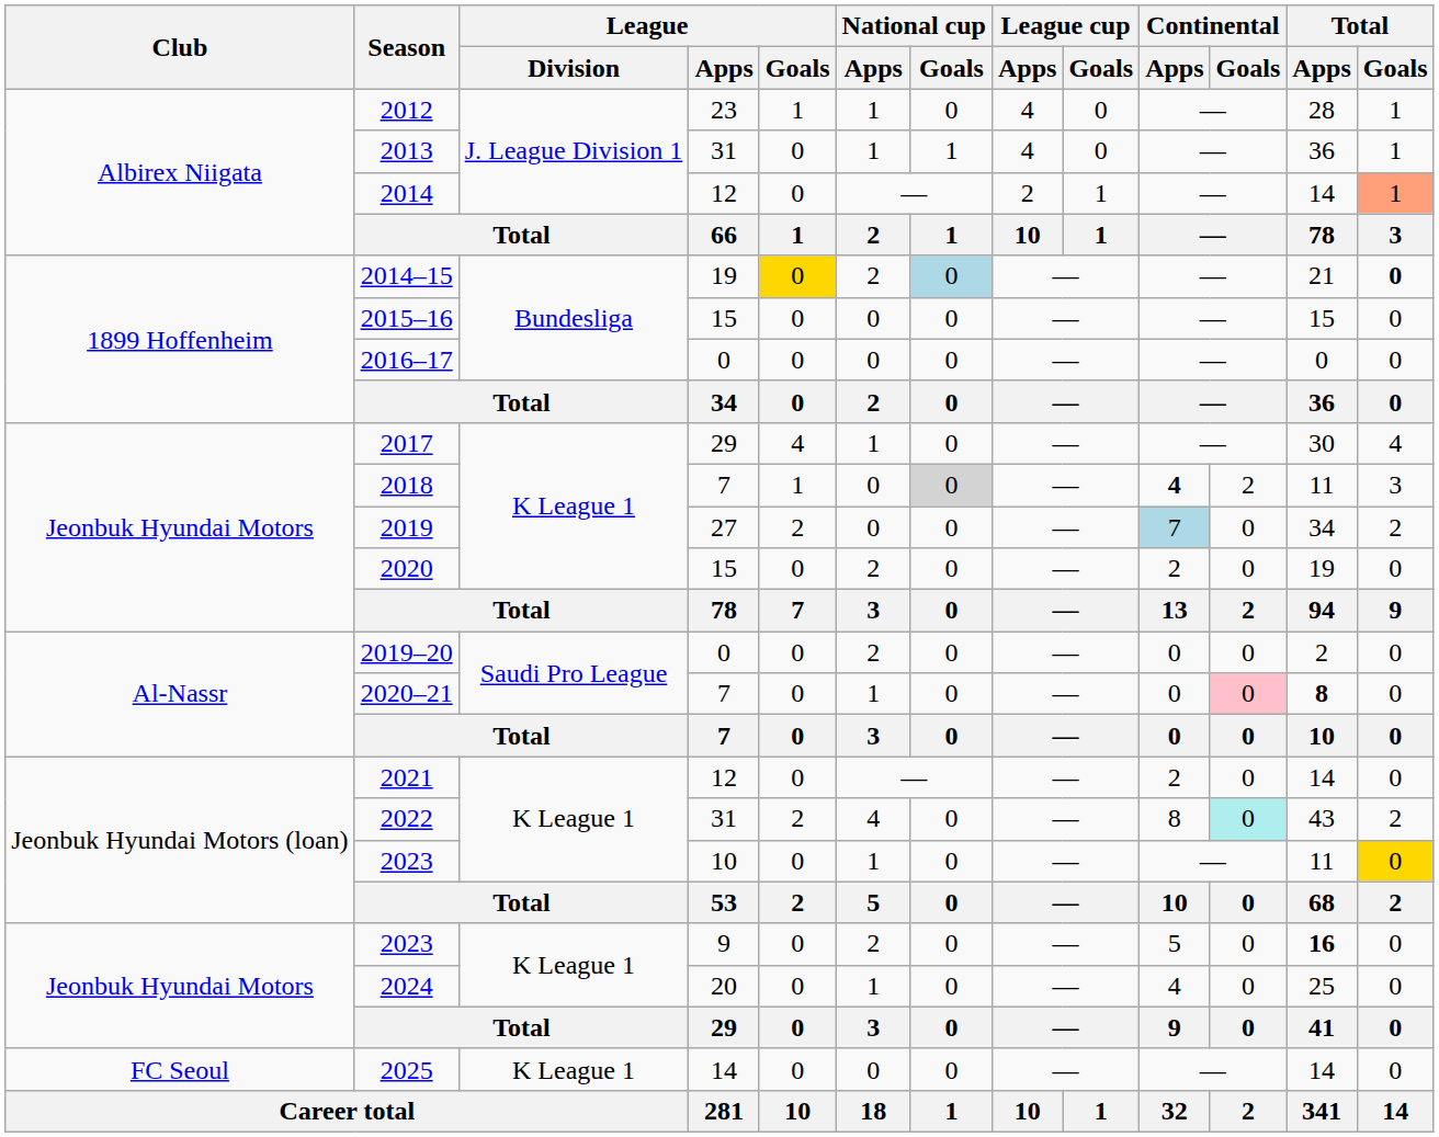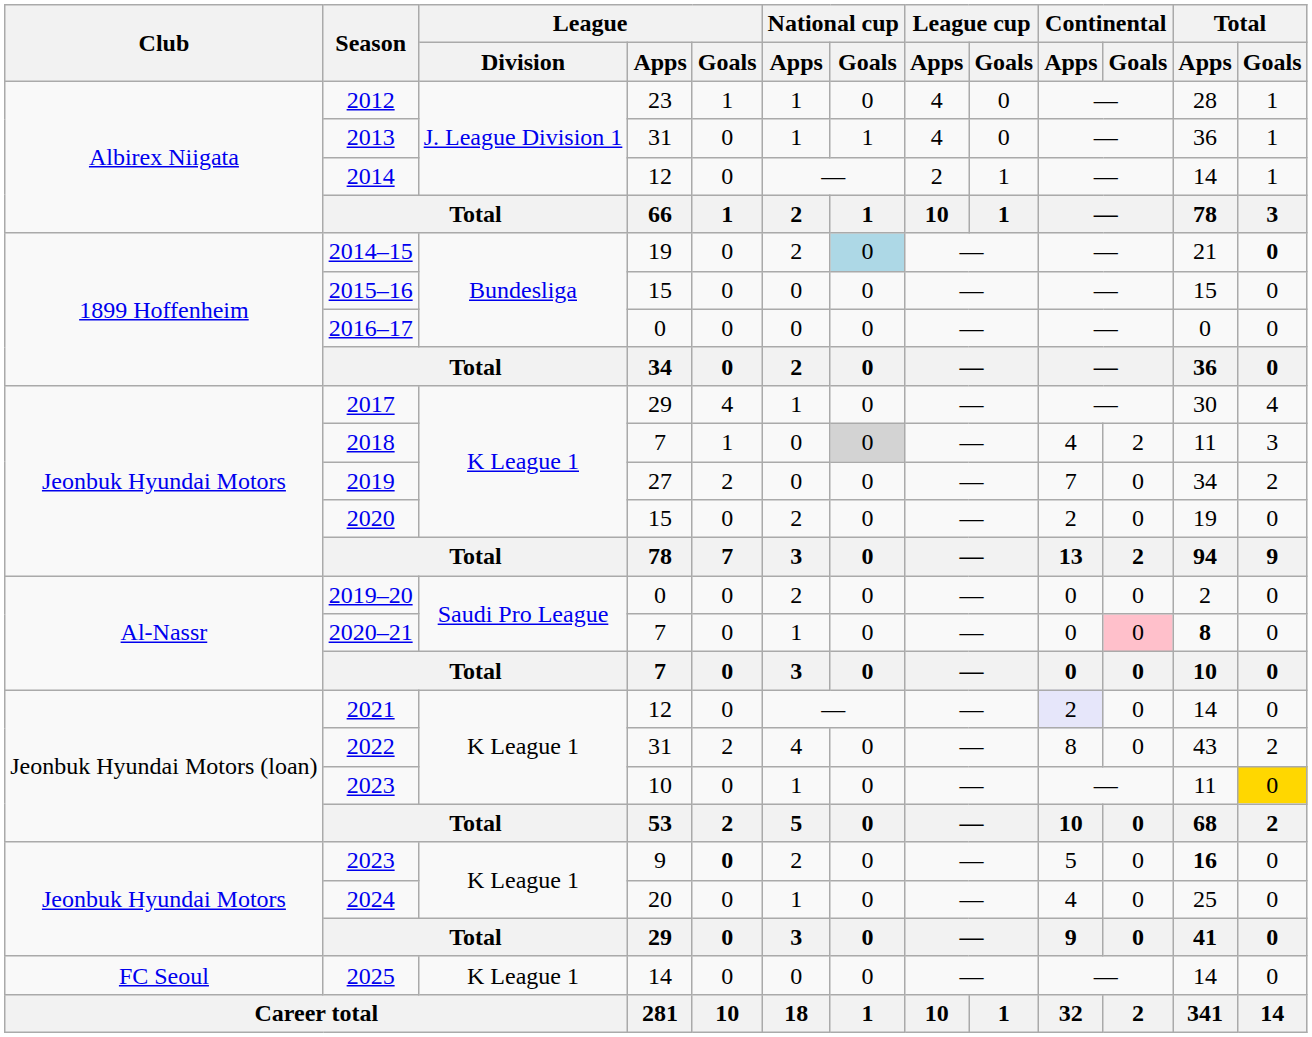 <table class="wikitable" style="text-align:center;">
 <tr>
 <th rowspan="2">Club</th>
 <th rowspan="2">Season</th>
 <th colspan="3">League</th>
 <th colspan="2">National cup</th>
 <th colspan="2">League cup</th>
 <th colspan="2">Continental</th>
 <th colspan="2">Total</th>
 </tr>
 <tr>
 <th>Division</th>
 <th>Apps</th>
 <th>Goals</th>
 <th>Apps</th>
 <th>Goals</th>
 <th>Apps</th>
 <th>Goals</th>
 <th>Apps</th>
 <th>Goals</th>
 <th>Apps</th>
 <th>Goals</th>
 </tr>
 <tr>
 <td rowspan="4"><a href='#'>Albirex Niigata</a></td>
 <td><a href='#'>2012</a></td>
 <td rowspan="3"><a href='#'>J. League Division 1</a></td>
 <td>23</td>
 <td>1</td>
 <td>1</td>
 <td>0</td>
 <td>4</td>
 <td>0</td>
 <td colspan="2">—</td>
 <td>28</td>
 <td>1</td>
 </tr>
 <tr>
 <td><a href='#'>2013</a></td>
 <td>31</td>
 <td>0</td>
 <td>1</td>
 <td>1</td>
 <td>4</td>
 <td>0</td>
 <td colspan="2">—</td>
 <td>36</td>
 <td>1</td>
 </tr>
 <tr>
 <td><a href='#'>2014</a></td>
 <td>12</td>
 <td>0</td>
 <td colspan="2">—</td>
 <td>2</td>
 <td>1</td>
 <td colspan="2">—</td>
 <td>14</td>
-<td style="background: lightsalmon;">1</td>
+<td>1</td>
 </tr>
 <tr>
 <th colspan="2">Total</th>
 <th>66</th>
 <th>1</th>
 <th>2</th>
 <th>1</th>
 <th>10</th>
 <th>1</th>
 <th colspan="2">—</th>
 <th>78</th>
 <th>3</th>
 </tr>
 <tr>
 <td rowspan="4"><a href='#'>1899 Hoffenheim</a></td>
 <td><a href='#'>2014–15</a></td>
 <td rowspan="3"><a href='#'>Bundesliga</a></td>
 <td>19</td>
-<td style="background: gold;">0</td>
+<td>0</td>
 <td>2</td>
 <td style="background: lightblue;">0</td>
 <td colspan="2">—</td>
 <td colspan="2">—</td>
 <td>21</td>
 <td><strong>0</strong></td>
 </tr>
 <tr>
 <td><a href='#'>2015–16</a></td>
 <td>15</td>
 <td>0</td>
 <td>0</td>
 <td>0</td>
 <td colspan="2">—</td>
 <td colspan="2">—</td>
 <td>15</td>
 <td>0</td>
 </tr>
 <tr>
 <td><a href='#'>2016–17</a></td>
 <td>0</td>
 <td>0</td>
 <td>0</td>
 <td>0</td>
 <td colspan="2">—</td>
 <td colspan="2">—</td>
 <td>0</td>
 <td>0</td>
 </tr>
 <tr>
 <th colspan="2">Total</th>
 <th>34</th>
 <th>0</th>
 <th>2</th>
 <th>0</th>
 <th colspan="2">—</th>
 <th colspan="2">—</th>
 <th>36</th>
 <th>0</th>
 </tr>
 <tr>
 <td rowspan="5"><a href='#'>Jeonbuk Hyundai Motors</a></td>
 <td><a href='#'>2017</a></td>
 <td rowspan="4"><a href='#'>K League 1</a></td>
 <td>29</td>
 <td>4</td>
 <td>1</td>
 <td>0</td>
 <td colspan="2">—</td>
 <td colspan="2">—</td>
 <td>30</td>
 <td>4</td>
 </tr>
 <tr>
 <td><a href='#'>2018</a></td>
 <td>7</td>
 <td>1</td>
 <td>0</td>
 <td style="background: lightgrey;">0</td>
 <td colspan="2">—</td>
-<td><strong>4</strong></td>
+<td>4</td>
 <td>2</td>
 <td>11</td>
 <td>3</td>
 </tr>
 <tr>
 <td><a href='#'>2019</a></td>
 <td>27</td>
 <td>2</td>
 <td>0</td>
 <td>0</td>
 <td colspan="2">—</td>
-<td style="background: lightblue;">7</td>
+<td>7</td>
 <td>0</td>
 <td>34</td>
 <td>2</td>
 </tr>
 <tr>
 <td><a href='#'>2020</a></td>
 <td>15</td>
 <td>0</td>
 <td>2</td>
 <td>0</td>
 <td colspan="2">—</td>
 <td>2</td>
 <td>0</td>
 <td>19</td>
 <td>0</td>
 </tr>
 <tr>
 <th colspan="2">Total</th>
 <th>78</th>
 <th>7</th>
 <th>3</th>
 <th>0</th>
 <th colspan="2">—</th>
 <th>13</th>
 <th>2</th>
 <th>94</th>
 <th>9</th>
 </tr>
 <tr>
 <td rowspan="3"><a href='#'>Al-Nassr</a></td>
 <td><a href='#'>2019–20</a></td>
 <td rowspan="2"><a href='#'>Saudi Pro League</a></td>
 <td>0</td>
 <td>0</td>
 <td>2</td>
 <td>0</td>
 <td colspan="2">—</td>
 <td>0</td>
 <td>0</td>
 <td>2</td>
 <td>0</td>
 </tr>
 <tr>
 <td><a href='#'>2020–21</a></td>
 <td>7</td>
 <td>0</td>
 <td>1</td>
 <td>0</td>
 <td colspan="2">—</td>
 <td>0</td>
 <td style="background: pink;">0</td>
 <td><strong>8</strong></td>
 <td>0</td>
 </tr>
 <tr>
 <th colspan="2">Total</th>
 <th>7</th>
 <th>0</th>
 <th>3</th>
 <th>0</th>
 <th colspan="2">—</th>
 <th>0</th>
 <th>0</th>
 <th>10</th>
 <th>0</th>
 </tr>
 <tr>
 <td rowspan="4">Jeonbuk Hyundai Motors (loan)</td>
 <td><a href='#'>2021</a></td>
 <td rowspan="3">K League 1</td>
 <td>12</td>
 <td>0</td>
 <td colspan="2">—</td>
 <td colspan="2">—</td>
-<td>2</td>
+<td style="background: lavender;">2</td>
 <td>0</td>
 <td>14</td>
 <td>0</td>
 </tr>
 <tr>
 <td><a href='#'>2022</a></td>
 <td>31</td>
 <td>2</td>
 <td>4</td>
 <td>0</td>
 <td colspan="2">—</td>
 <td>8</td>
-<td style="background: paleturquoise;">0</td>
+<td>0</td>
 <td>43</td>
 <td>2</td>
 </tr>
 <tr>
 <td><a href='#'>2023</a></td>
 <td>10</td>
 <td>0</td>
 <td>1</td>
 <td>0</td>
 <td colspan="2">—</td>
 <td colspan="2">—</td>
 <td>11</td>
 <td style="background: gold;">0</td>
 </tr>
 <tr>
 <th colspan="2">Total</th>
 <th>53</th>
 <th>2</th>
 <th>5</th>
 <th>0</th>
 <th colspan="2">—</th>
 <th>10</th>
 <th>0</th>
 <th>68</th>
 <th>2</th>
 </tr>
 <tr>
 <td rowspan="3"><a href='#'>Jeonbuk Hyundai Motors</a></td>
 <td><a href='#'>2023</a></td>
 <td rowspan="2">K League 1</td>
 <td>9</td>
-<td>0</td>
+<td><strong>0</strong></td>
 <td>2</td>
 <td>0</td>
 <td colspan="2">—</td>
 <td>5</td>
 <td>0</td>
 <td><strong>16</strong></td>
 <td>0</td>
 </tr>
 <tr>
 <td><a href='#'>2024</a></td>
 <td>20</td>
 <td>0</td>
 <td>1</td>
 <td>0</td>
 <td colspan="2">—</td>
 <td>4</td>
 <td>0</td>
 <td>25</td>
 <td>0</td>
 </tr>
 <tr>
 <th colspan="2">Total</th>
 <th>29</th>
 <th>0</th>
 <th>3</th>
 <th>0</th>
 <th colspan="2">—</th>
 <th>9</th>
 <th>0</th>
 <th>41</th>
 <th>0</th>
 </tr>
 <tr>
 <td rowspan="1"><a href='#'>FC Seoul</a></td>
 <td><a href='#'>2025</a></td>
 <td rowspan="1">K League 1</td>
 <td>14</td>
 <td>0</td>
 <td>0</td>
 <td>0</td>
 <td colspan="2">—</td>
 <td colspan="2">—</td>
 <td>14</td>
 <td>0</td>
 </tr>
 <tr>
 <th colspan="3">Career total</th>
 <th>281</th>
 <th>10</th>
 <th>18</th>
 <th>1</th>
 <th>10</th>
 <th>1</th>
 <th>32</th>
 <th>2</th>
 <th>341</th>
 <th>14</th>
 </tr>
 </table>
